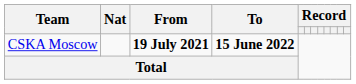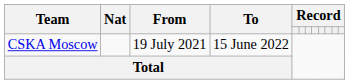 <table class="wikitable" style="text-align: center">
 <tr>
 <th rowspan="2">Team</th>
 <th rowspan="2">Nat</th>
 <th rowspan="2">From</th>
 <th rowspan="2">To</th>
 <th colspan="8">Record</th>
 </tr>
 <tr>
 <th></th>
 <th></th>
 <th></th>
 <th></th>
 <th></th>
 <th></th>
 <th></th>
 <th></th>
 </tr>
 <tr>
 <td align=left><a href='#'>CSKA Moscow</a></td>
 <td></td>
-<td align=left><strong>19 July 2021</strong></td>
-<td align=left><strong>15 June 2022<br></strong></td>
+<td align=left>19 July 2021</td>
+<td align=left>15 June 2022<br></td>
 </tr>
 <tr>
 <th colspan="4">Total<br></th>
 </tr>
 </table>
